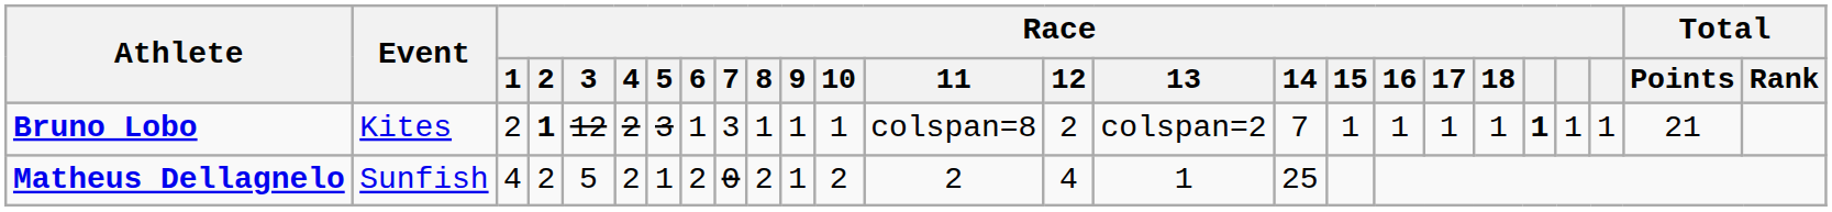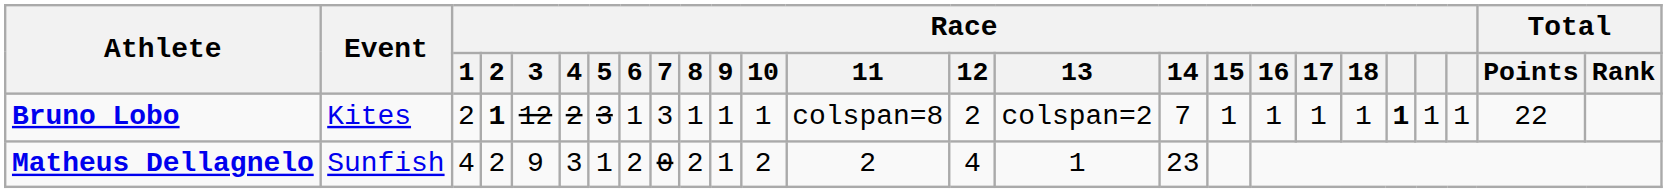 <table class=wikitable style=font-size:90%;text-align:center>
 <tr>
 <th rowspan=2>Athlete</th>
 <th rowspan=2>Event</th>
 <th colspan=21>Race</th>
 <th colspan=2>Total</th>
 </tr>
 <tr style=font-size:95%>
 <th>1</th>
 <th>2</th>
 <th>3</th>
 <th>4</th>
 <th>5</th>
 <th>6</th>
 <th>7</th>
 <th>8</th>
 <th>9</th>
 <th>10</th>
 <th>11</th>
 <th>12</th>
 <th>13</th>
 <th>14</th>
 <th>15</th>
 <th>16</th>
 <th>17</th>
 <th>18</th>
 <th></th>
 <th></th>
 <th></th>
 <th>Points</th>
 <th>Rank</th>
 </tr>
 <tr>
 <td align=left><strong><a href='#'>Bruno Lobo</a></strong></td>
 <td align=left><a href='#'>Kites</a></td>
 <td>2<br></td>
 <td><strong>1</strong></td>
 <td><s>12<br></s></td>
 <td><s>2</s></td>
 <td><s>3</s></td>
 <td>1</td>
 <td>3</td>
 <td>1</td>
 <td>1</td>
 <td>1</td>
 <td>colspan=8 </td>
 <td>2</td>
 <td>colspan=2 </td>
 <td>7</td>
 <td>1</td>
 <td>1</td>
 <td>1</td>
 <td>1</td>
 <td><strong>1</strong></td>
 <td>1</td>
 <td>1</td>
-<td>21</td>
+<td>22</td>
 <td></td>
 </tr>
 <tr>
 <td align=left><strong><a href='#'>Matheus Dellagnelo</a></strong></td>
 <td align=left><a href='#'>Sunfish</a></td>
 <td>4</td>
 <td>2</td>
-<td>5</td>
-<td>2</td>
+<td>9</td>
+<td>3</td>
 <td>1</td>
 <td>2</td>
 <td><s>0</s></td>
 <td>2</td>
 <td>1</td>
 <td>2</td>
 <td>2</td>
 <td>4</td>
 <td>1</td>
-<td>25</td>
+<td>23</td>
 <td></td>
 </tr>
 </table>
